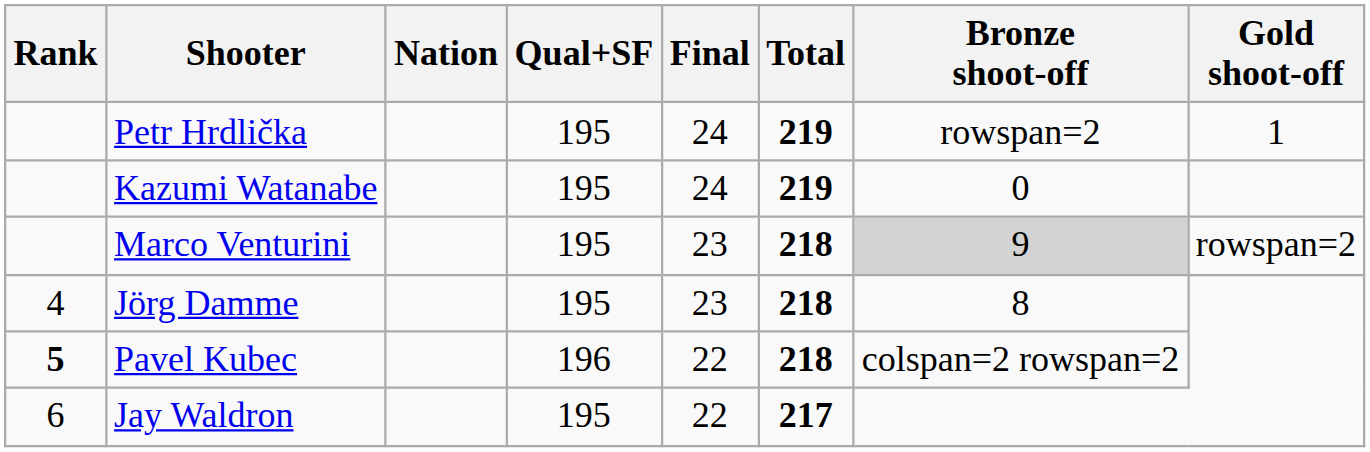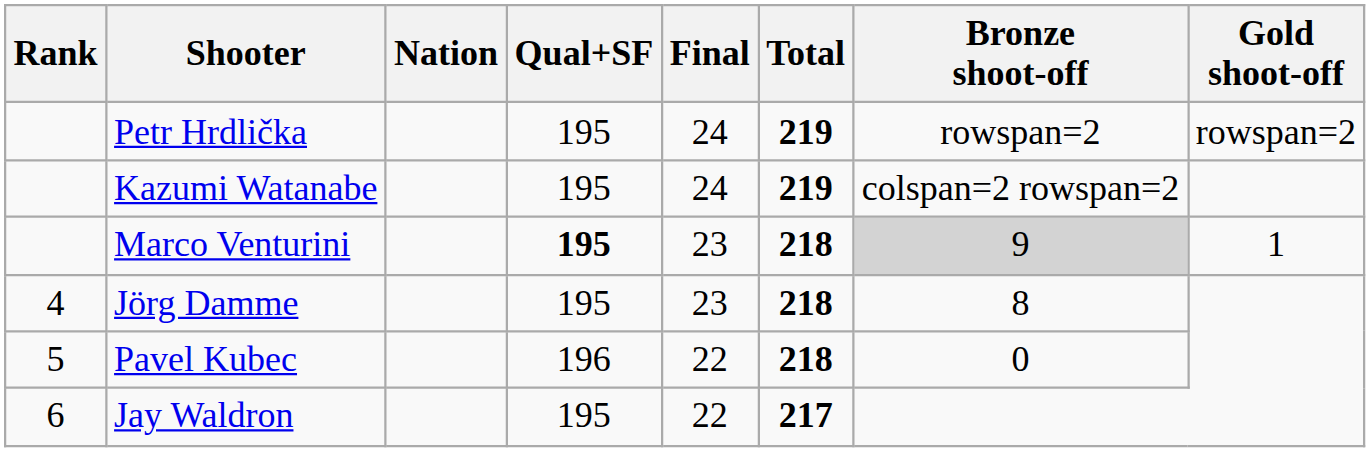 <table class="wikitable sortable" style="text-align: center">
 <tr>
 <th>Rank</th>
 <th>Shooter</th>
 <th>Nation</th>
 <th>Qual+SF</th>
 <th>Final</th>
 <th>Total</th>
 <th>Bronze<br>shoot-off</th>
 <th>Gold<br>shoot-off</th>
 </tr>
 <tr>
 <td></td>
 <td align=left><a href='#'>Petr Hrdlička</a></td>
 <td align=left></td>
 <td>195</td>
 <td>24</td>
 <td><strong>219</strong></td>
 <td>rowspan=2 </td>
-<td>1</td>
+<td>rowspan=2 </td>
 </tr>
 <tr>
 <td></td>
 <td align=left><a href='#'>Kazumi Watanabe</a></td>
 <td align=left></td>
 <td>195</td>
 <td>24</td>
 <td><strong>219</strong></td>
-<td>0</td>
+<td>colspan=2 rowspan=2 </td>
 </tr>
 <tr>
 <td></td>
 <td align=left><a href='#'>Marco Venturini</a></td>
 <td align=left></td>
-<td>195</td>
+<td><strong>195</strong></td>
 <td>23</td>
 <td><strong>218</strong></td>
 <td style="background: lightgrey;">9</td>
-<td>rowspan=2 </td>
+<td>1</td>
 </tr>
 <tr>
 <td>4</td>
 <td align=left><a href='#'>Jörg Damme</a></td>
 <td align=left></td>
 <td>195</td>
 <td>23</td>
 <td><strong>218</strong></td>
 <td>8</td>
 </tr>
 <tr>
-<td><strong>5</strong></td>
+<td>5</td>
 <td align=left><a href='#'>Pavel Kubec</a></td>
 <td align=left></td>
 <td>196</td>
 <td>22</td>
 <td><strong>218</strong></td>
-<td>colspan=2 rowspan=2 </td>
+<td>0</td>
 </tr>
 <tr>
 <td>6</td>
 <td align=left><a href='#'>Jay Waldron</a></td>
 <td align=left></td>
 <td>195</td>
 <td>22</td>
 <td><strong>217</strong></td>
 </tr>
 </table>
